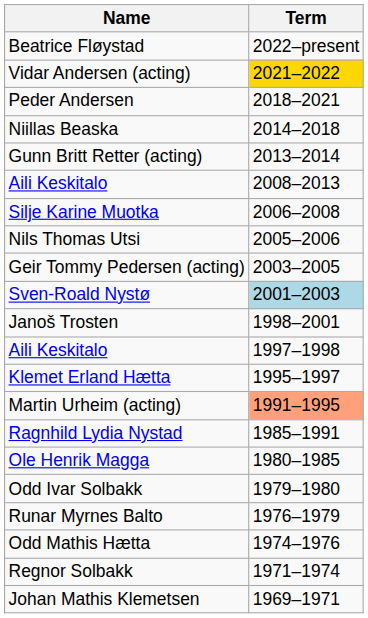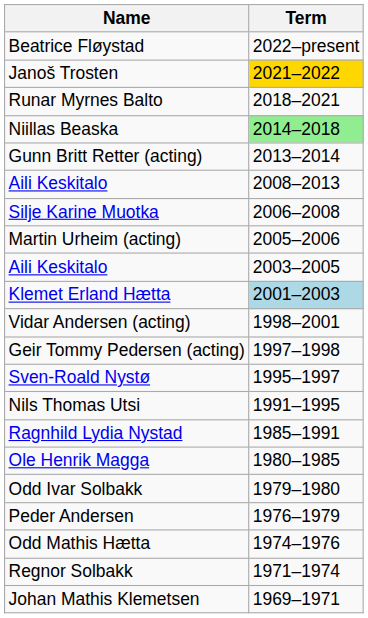 <table class="wikitable sortable">
 <tr>
 <th>Name</th>
 <th>Term</th>
 </tr>
 <tr>
 <td>Beatrice Fløystad</td>
 <td>2022–present</td>
 </tr>
 <tr>
-<td>Vidar Andersen (acting)</td>
+<td>Janoš Trosten</td>
 <td style="background: gold;">2021–2022</td>
 </tr>
 <tr>
-<td>Peder Andersen</td>
+<td>Runar Myrnes Balto</td>
 <td>2018–2021</td>
 </tr>
 <tr>
 <td>Niillas Beaska</td>
-<td>2014–2018</td>
+<td style="background: lightgreen;">2014–2018</td>
 </tr>
 <tr>
 <td>Gunn Britt Retter (acting)</td>
 <td>2013–2014</td>
 </tr>
 <tr>
 <td><a href='#'>Aili Keskitalo</a></td>
 <td>2008–2013</td>
 </tr>
 <tr>
 <td><a href='#'>Silje Karine Muotka</a></td>
 <td>2006–2008</td>
 </tr>
 <tr>
-<td>Nils Thomas Utsi</td>
+<td>Martin Urheim (acting)</td>
 <td>2005–2006</td>
 </tr>
 <tr>
-<td>Geir Tommy Pedersen (acting)</td>
+<td><a href='#'>Aili Keskitalo</a></td>
 <td>2003–2005</td>
 </tr>
 <tr>
-<td><a href='#'>Sven-Roald Nystø</a></td>
+<td><a href='#'>Klemet Erland Hætta</a></td>
 <td style="background: lightblue;">2001–2003</td>
 </tr>
 <tr>
-<td>Janoš Trosten</td>
+<td>Vidar Andersen (acting)</td>
 <td>1998–2001</td>
 </tr>
 <tr>
-<td><a href='#'>Aili Keskitalo</a></td>
+<td>Geir Tommy Pedersen (acting)</td>
 <td>1997–1998</td>
 </tr>
 <tr>
-<td><a href='#'>Klemet Erland Hætta</a></td>
+<td><a href='#'>Sven-Roald Nystø</a></td>
 <td>1995–1997</td>
 </tr>
 <tr>
-<td>Martin Urheim (acting)</td>
-<td style="background: lightsalmon;">1991–1995</td>
+<td>Nils Thomas Utsi</td>
+<td>1991–1995</td>
 </tr>
 <tr>
 <td><a href='#'>Ragnhild Lydia Nystad</a></td>
 <td>1985–1991</td>
 </tr>
 <tr>
 <td><a href='#'>Ole Henrik Magga</a></td>
 <td>1980–1985</td>
 </tr>
 <tr>
 <td>Odd Ivar Solbakk</td>
 <td>1979–1980</td>
 </tr>
 <tr>
-<td>Runar Myrnes Balto</td>
+<td>Peder Andersen</td>
 <td>1976–1979</td>
 </tr>
 <tr>
 <td>Odd Mathis Hætta</td>
 <td>1974–1976</td>
 </tr>
 <tr>
 <td>Regnor Solbakk</td>
 <td>1971–1974</td>
 </tr>
 <tr>
 <td>Johan Mathis Klemetsen</td>
 <td>1969–1971</td>
 </tr>
 </table>
